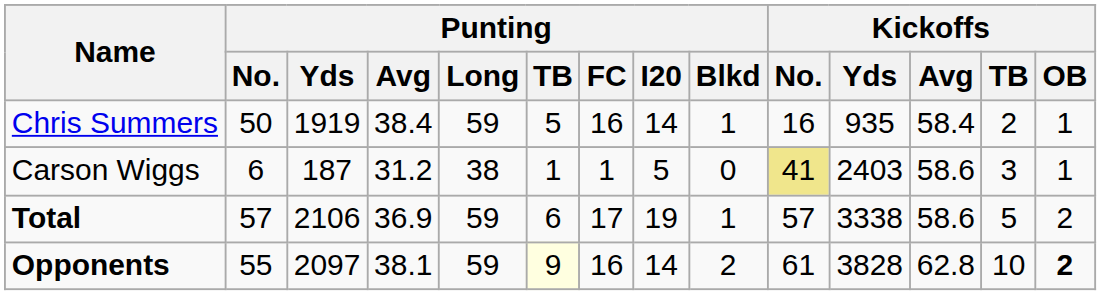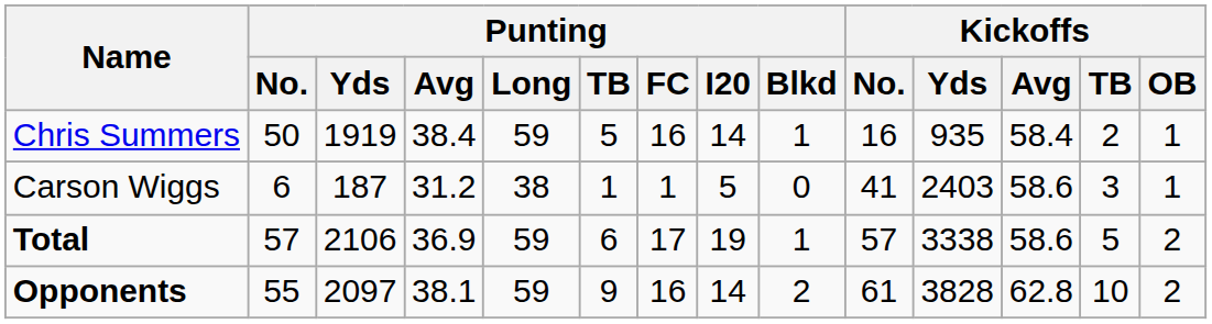 <table class="wikitable" style="white-space:nowrap; text-align:center">
 <tr>
 <th rowspan="2">Name</th>
 <th colspan="8">Punting</th>
 <th colspan="5">Kickoffs</th>
 </tr>
 <tr>
 <th>No.</th>
 <th>Yds</th>
 <th>Avg</th>
 <th>Long</th>
 <th>TB</th>
 <th>FC</th>
 <th>I20</th>
 <th>Blkd</th>
 <th>No.</th>
 <th>Yds</th>
 <th>Avg</th>
 <th>TB</th>
 <th>OB</th>
 </tr>
 <tr>
 <td align="left"><a href='#'>Chris Summers</a></td>
 <td>50</td>
 <td>1919</td>
 <td>38.4</td>
 <td>59</td>
 <td>5</td>
 <td>16</td>
 <td>14</td>
 <td>1</td>
 <td>16</td>
 <td>935</td>
 <td>58.4</td>
 <td>2</td>
 <td>1</td>
 </tr>
 <tr>
 <td align="left">Carson Wiggs</td>
 <td>6</td>
 <td>187</td>
 <td>31.2</td>
 <td>38</td>
 <td>1</td>
 <td>1</td>
 <td>5</td>
 <td>0</td>
-<td style="background: khaki;">41</td>
+<td>41</td>
 <td>2403</td>
 <td>58.6</td>
 <td>3</td>
 <td>1</td>
 </tr>
 <tr>
 <td align="left"><strong>Total</strong></td>
 <td>57</td>
 <td>2106</td>
 <td>36.9</td>
 <td>59</td>
 <td>6</td>
 <td>17</td>
 <td>19</td>
 <td>1</td>
 <td>57</td>
 <td>3338</td>
 <td>58.6</td>
 <td>5</td>
 <td>2</td>
 </tr>
 <tr>
 <td align="left"><strong>Opponents</strong></td>
 <td>55</td>
 <td>2097</td>
 <td>38.1</td>
 <td>59</td>
-<td style="background: lightyellow;">9</td>
+<td>9</td>
 <td>16</td>
 <td>14</td>
 <td>2</td>
 <td>61</td>
 <td>3828</td>
 <td>62.8</td>
 <td>10</td>
-<td><strong>2</strong></td>
+<td>2</td>
 </tr>
 </table>
